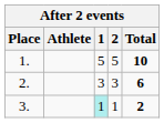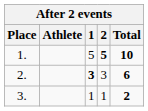 <table class=wikitable style="text-align:center">
 <tr>
 <th colspan=5><strong>After 2 events</strong></th>
 </tr>
 <tr>
 <th>Place</th>
 <th>Athlete</th>
 <th>1</th>
 <th>2</th>
 <th>Total</th>
 </tr>
 <tr>
 <td width=30>1.</td>
 <td align=left></td>
 <td>5</td>
-<td>5</td>
+<td><strong>5</strong></td>
 <td><strong>10</strong></td>
 </tr>
 <tr>
 <td>2.</td>
 <td align=left></td>
-<td>3</td>
+<td><strong>3</strong></td>
 <td>3</td>
 <td><strong>6</strong></td>
 </tr>
 <tr>
 <td>3.</td>
 <td align=left></td>
-<td style="background: paleturquoise;">1</td>
+<td>1</td>
 <td>1</td>
 <td><strong>2</strong></td>
 </tr>
 </table>
